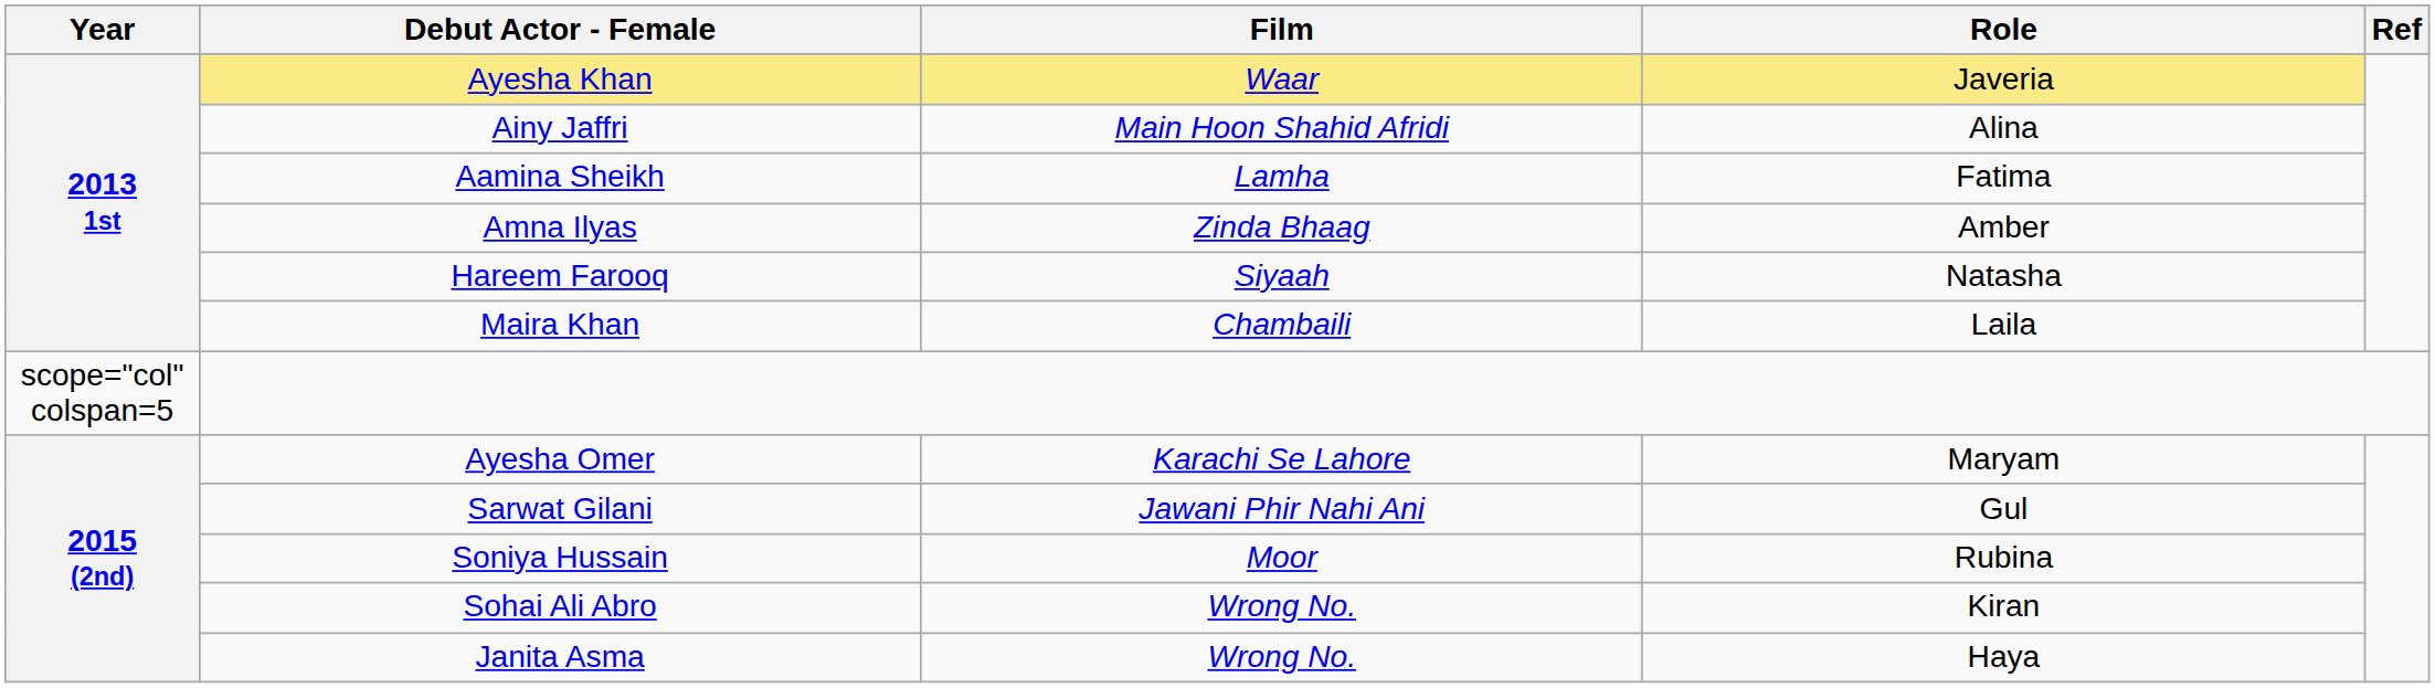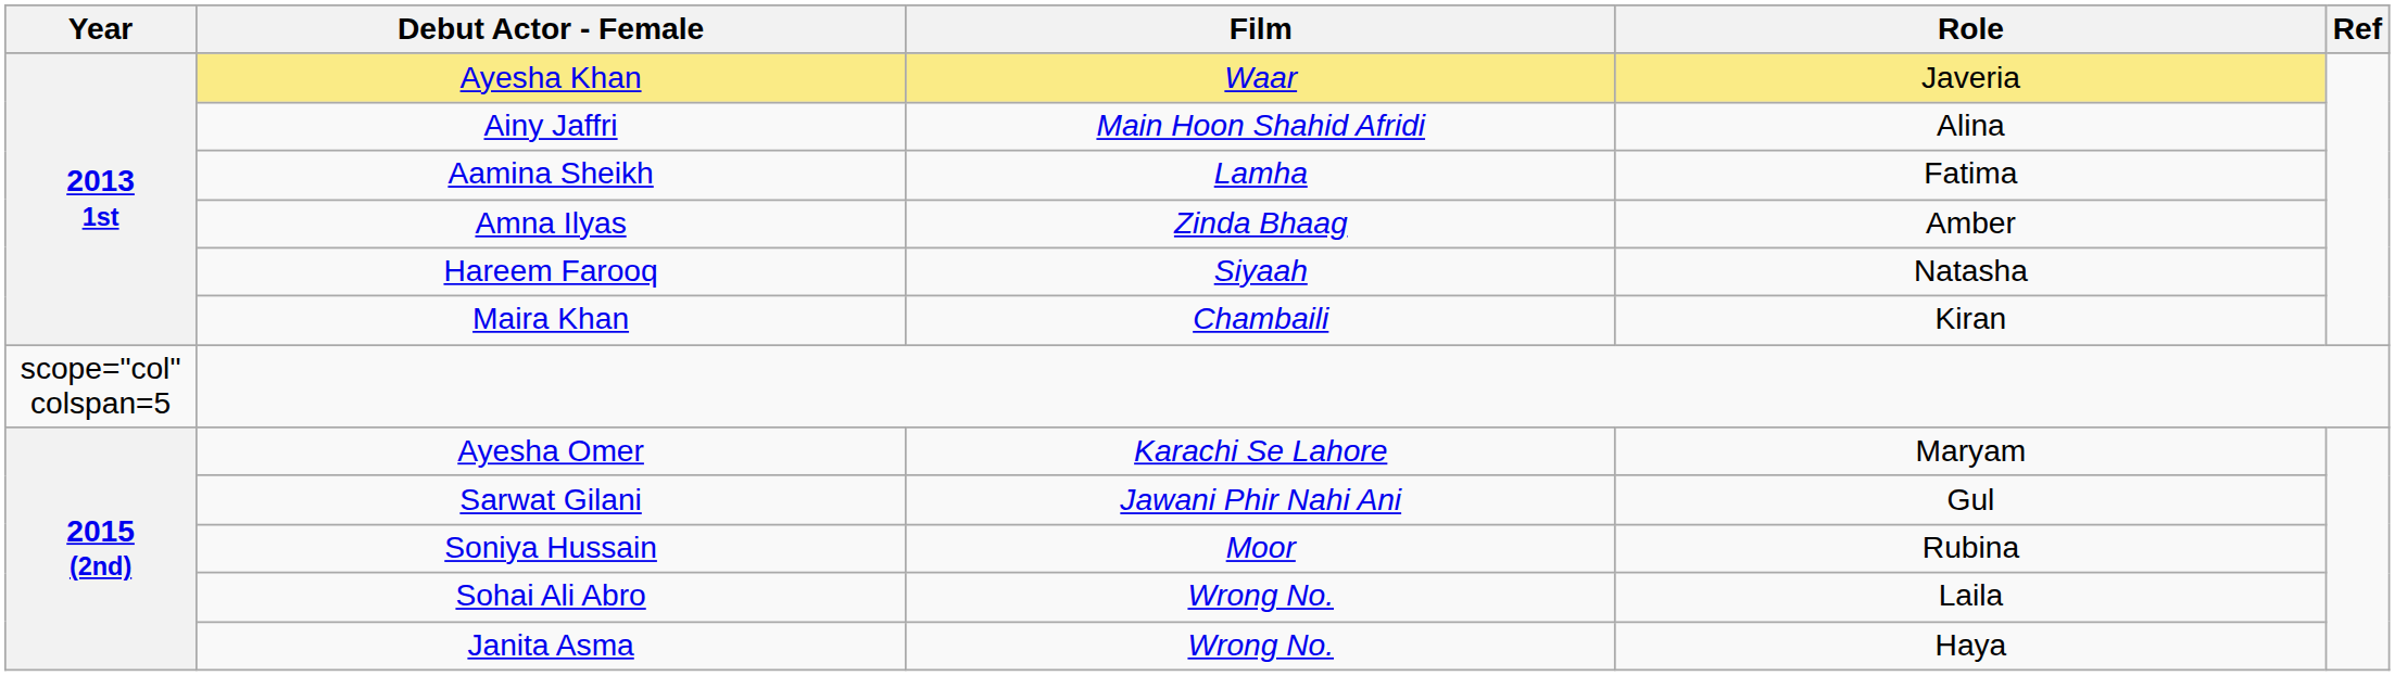 <table class="wikitable" style="text-align:center;">
 <tr style="background:#bebebe;">
 <th scope="col" style="width:8%;">Year</th>
 <th scope="col" style="width:30%;">Debut Actor - Female</th>
 <th scope="col" style="width:30%;">Film</th>
 <th scope="col" style="width:30%;">Role</th>
 <th scope="col" style="width:2%;">Ref</th>
 </tr>
 <tr>
 <th scope="row"  rowspan=6 style="text-align:center"><strong><a href='#'>2013</a></strong><br><small><a href='#'>1st</a></small></th>
 <td style="background:#FAEB86"><a href='#'>Ayesha Khan</a></td>
 <td style="background:#FAEB86"><em><a href='#'>Waar</a></em></td>
 <td style="background:#FAEB86">Javeria</td>
 <td rowspan=6></td>
 </tr>
 <tr>
 <td><a href='#'>Ainy Jaffri</a></td>
 <td><em><a href='#'>Main Hoon Shahid Afridi</a></em></td>
 <td>Alina</td>
 </tr>
 <tr>
 <td><a href='#'>Aamina Sheikh</a></td>
 <td><em><a href='#'>Lamha</a></em></td>
 <td>Fatima</td>
 </tr>
 <tr>
 <td><a href='#'>Amna Ilyas</a></td>
 <td><em><a href='#'>Zinda Bhaag</a></em></td>
 <td>Amber</td>
 </tr>
 <tr>
 <td><a href='#'>Hareem Farooq</a></td>
 <td><em><a href='#'>Siyaah</a></em></td>
 <td>Natasha</td>
 </tr>
 <tr>
 <td><a href='#'>Maira Khan</a></td>
 <td><em><a href='#'>Chambaili</a></em></td>
-<td>Laila</td>
+<td>Kiran</td>
 </tr>
 <tr>
 <td>scope="col" colspan=5 </td>
 </tr>
 <tr>
 <th scope="row" rowspan=5 style="text-align:center"><strong><a href='#'>2015</a></strong><br><small><a href='#'>(2nd)</a></small></th>
 <td><a href='#'>Ayesha Omer</a></td>
 <td><em><a href='#'>Karachi Se Lahore</a></em></td>
 <td>Maryam</td>
 <td rowspan=5></td>
 </tr>
 <tr>
 <td><a href='#'>Sarwat Gilani</a></td>
 <td><em><a href='#'>Jawani Phir Nahi Ani</a></em></td>
 <td>Gul</td>
 </tr>
 <tr>
 <td><a href='#'>Soniya Hussain</a></td>
 <td><em><a href='#'>Moor</a></em></td>
 <td>Rubina</td>
 </tr>
 <tr>
 <td><a href='#'>Sohai Ali Abro</a></td>
 <td><em><a href='#'>Wrong No.</a></em></td>
-<td>Kiran</td>
+<td>Laila</td>
 </tr>
 <tr>
 <td><a href='#'>Janita Asma</a></td>
 <td><em><a href='#'>Wrong No.</a></em></td>
 <td>Haya</td>
 </tr>
 </table>
